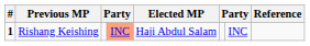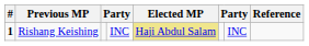 <table class="wikitable">
 <tr>
 <th>#</th>
 <th>Previous MP</th>
 <th colspan=2>Party</th>
 <th>Elected MP</th>
 <th colspan=2>Party</th>
 <th>Reference</th>
 </tr>
 <tr style="text-align:center;">
 <td><strong>1</strong></td>
 <td><a href='#'>Rishang Keishing</a></td>
 <td></td>
-<td style="background: lightsalmon;"><a href='#'>INC</a></td>
-<td><a href='#'>Haji Abdul Salam</a></td>
+<td><a href='#'>INC</a></td>
+<td style="background: khaki;"><a href='#'>Haji Abdul Salam</a></td>
 <td></td>
 <td><a href='#'>INC</a></td>
 <td rowspan=1></td>
 </tr>
 </table>
